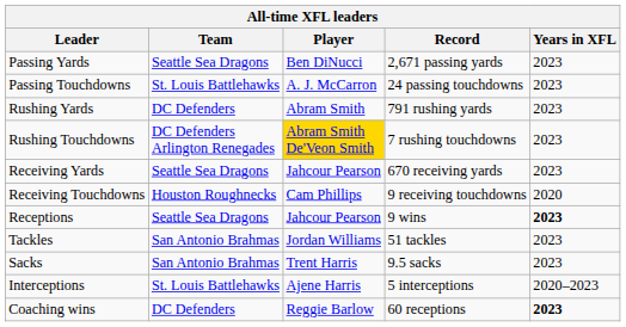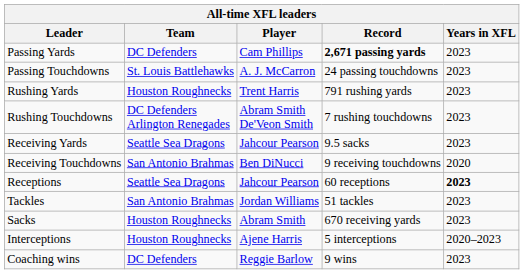 <table class="wikitable">
 <tr>
 <th colspan="6" *>All-time XFL leaders</th>
 </tr>
 <tr>
 <th colspan="1" *>Leader</th>
 <th colspan="1" *>Team</th>
 <th colspan="1" *>Player</th>
 <th colspan="1" *>Record</th>
 <th colspan="1" *>Years in XFL</th>
 </tr>
 <tr>
 <td>Passing Yards</td>
-<td><a href='#'>Seattle Sea Dragons</a></td>
-<td><a href='#'>Ben DiNucci</a></td>
-<td>2,671 passing yards</td>
+<td><a href='#'>DC Defenders</a></td>
+<td><a href='#'>Cam Phillips</a></td>
+<td><strong>2,671 passing yards</strong></td>
 <td>2023</td>
 </tr>
 <tr>
 <td>Passing Touchdowns</td>
 <td><a href='#'>St. Louis Battlehawks</a></td>
 <td><a href='#'>A. J. McCarron</a></td>
 <td>24 passing touchdowns</td>
 <td>2023</td>
 </tr>
 <tr>
 <td>Rushing Yards</td>
-<td><a href='#'>DC Defenders</a></td>
-<td><a href='#'>Abram Smith</a></td>
+<td><a href='#'>Houston Roughnecks</a></td>
+<td><a href='#'>Trent Harris</a></td>
 <td>791 rushing yards</td>
 <td>2023</td>
 </tr>
 <tr>
 <td>Rushing Touchdowns</td>
 <td><a href='#'>DC Defenders</a><br><a href='#'>Arlington Renegades</a></td>
-<td style="background: gold;"><a href='#'>Abram Smith</a><br><a href='#'>De'Veon Smith</a></td>
+<td><a href='#'>Abram Smith</a><br><a href='#'>De'Veon Smith</a></td>
 <td>7 rushing touchdowns</td>
 <td>2023</td>
 </tr>
 <tr>
 <td>Receiving Yards</td>
 <td><a href='#'>Seattle Sea Dragons</a></td>
 <td><a href='#'>Jahcour Pearson</a></td>
-<td>670 receiving yards</td>
+<td>9.5 sacks</td>
 <td>2023</td>
 </tr>
 <tr>
 <td>Receiving Touchdowns</td>
-<td><a href='#'>Houston Roughnecks</a></td>
-<td><a href='#'>Cam Phillips</a></td>
+<td><a href='#'>San Antonio Brahmas</a></td>
+<td><a href='#'>Ben DiNucci</a></td>
 <td>9 receiving touchdowns</td>
 <td>2020</td>
 </tr>
 <tr>
 <td>Receptions</td>
 <td><a href='#'>Seattle Sea Dragons</a></td>
 <td><a href='#'>Jahcour Pearson</a></td>
-<td>9 wins</td>
+<td>60 receptions</td>
 <td><strong>2023</strong></td>
 </tr>
 <tr>
 <td>Tackles</td>
 <td><a href='#'>San Antonio Brahmas</a></td>
 <td><a href='#'>Jordan Williams</a></td>
 <td>51 tackles</td>
 <td>2023</td>
 </tr>
 <tr>
 <td>Sacks</td>
-<td><a href='#'>San Antonio Brahmas</a></td>
-<td><a href='#'>Trent Harris</a></td>
-<td>9.5 sacks</td>
+<td><a href='#'>Houston Roughnecks</a></td>
+<td><a href='#'>Abram Smith</a></td>
+<td>670 receiving yards</td>
 <td>2023</td>
 </tr>
 <tr>
 <td>Interceptions</td>
-<td><a href='#'>St. Louis Battlehawks</a></td>
+<td><a href='#'>Houston Roughnecks</a></td>
 <td><a href='#'>Ajene Harris</a></td>
 <td>5 interceptions</td>
 <td>2020–2023</td>
 </tr>
 <tr>
 <td>Coaching wins</td>
 <td><a href='#'>DC Defenders</a></td>
 <td><a href='#'>Reggie Barlow</a></td>
-<td>60 receptions</td>
-<td><strong>2023</strong></td>
+<td>9 wins</td>
+<td>2023</td>
 </tr>
 </table>
